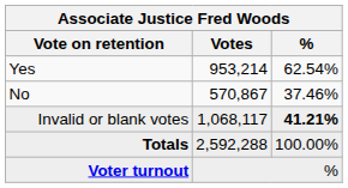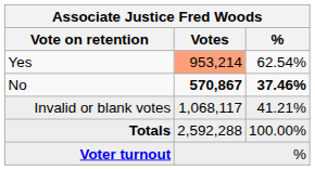 <table class="wikitable" style="font-size: 95%;">
 <tr style="background-color:#E9E9E9">
 <th colspan=7>Associate Justice Fred Woods</th>
 </tr>
 <tr style="background-color:#E9E9E9">
 <th style="width: 170px">Vote on retention</th>
 <th style="width: 50px">Votes</th>
 <th style="width: 40px">%</th>
 </tr>
 <tr>
 <td>Yes</td>
-<td align="right">953,214</td>
+<td align="right" style="background: lightsalmon;">953,214</td>
 <td align="right">62.54%</td>
 </tr>
 <tr>
 <td>No</td>
-<td align="right">570,867</td>
-<td align="right">37.46%</td>
+<td align="right"><strong>570,867</strong></td>
+<td align="right"><strong>37.46%</strong></td>
 </tr>
 <tr style="background-color:#EEEEEE">
 <td align="right">Invalid or blank votes</td>
 <td align="right">1,068,117</td>
-<td align="right"><strong>41.21%</strong></td>
+<td align="right">41.21%</td>
 </tr>
 <tr style="background-color:#EEEEEE">
 <td colspan="1" align="right"><strong>Totals</strong></td>
 <td align="right">2,592,288</td>
 <td align="right">100.00%</td>
 </tr>
 <tr style="background-color:#EEEEEE">
 <td align="right"><strong><a href='#'>Voter turnout</a></strong></td>
 <td colspan="2" align="right">%</td>
 </tr>
 </table>
